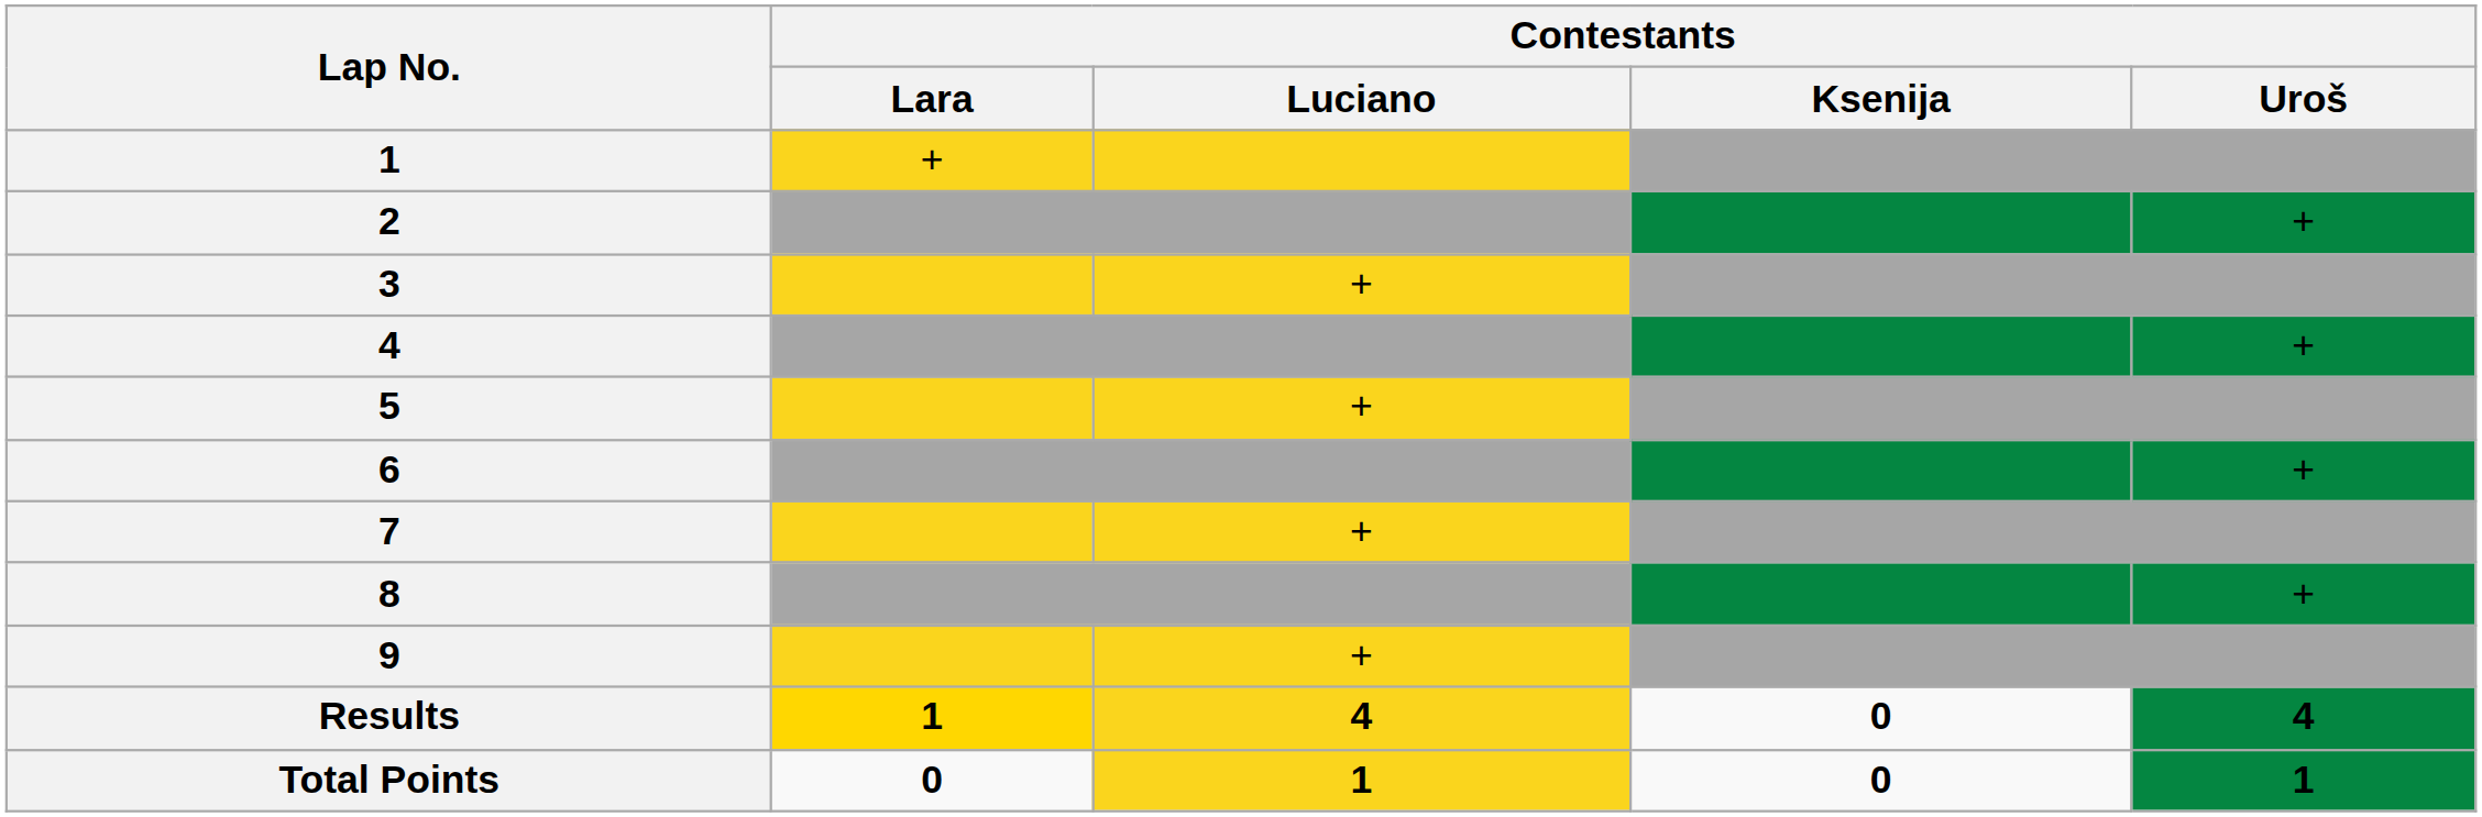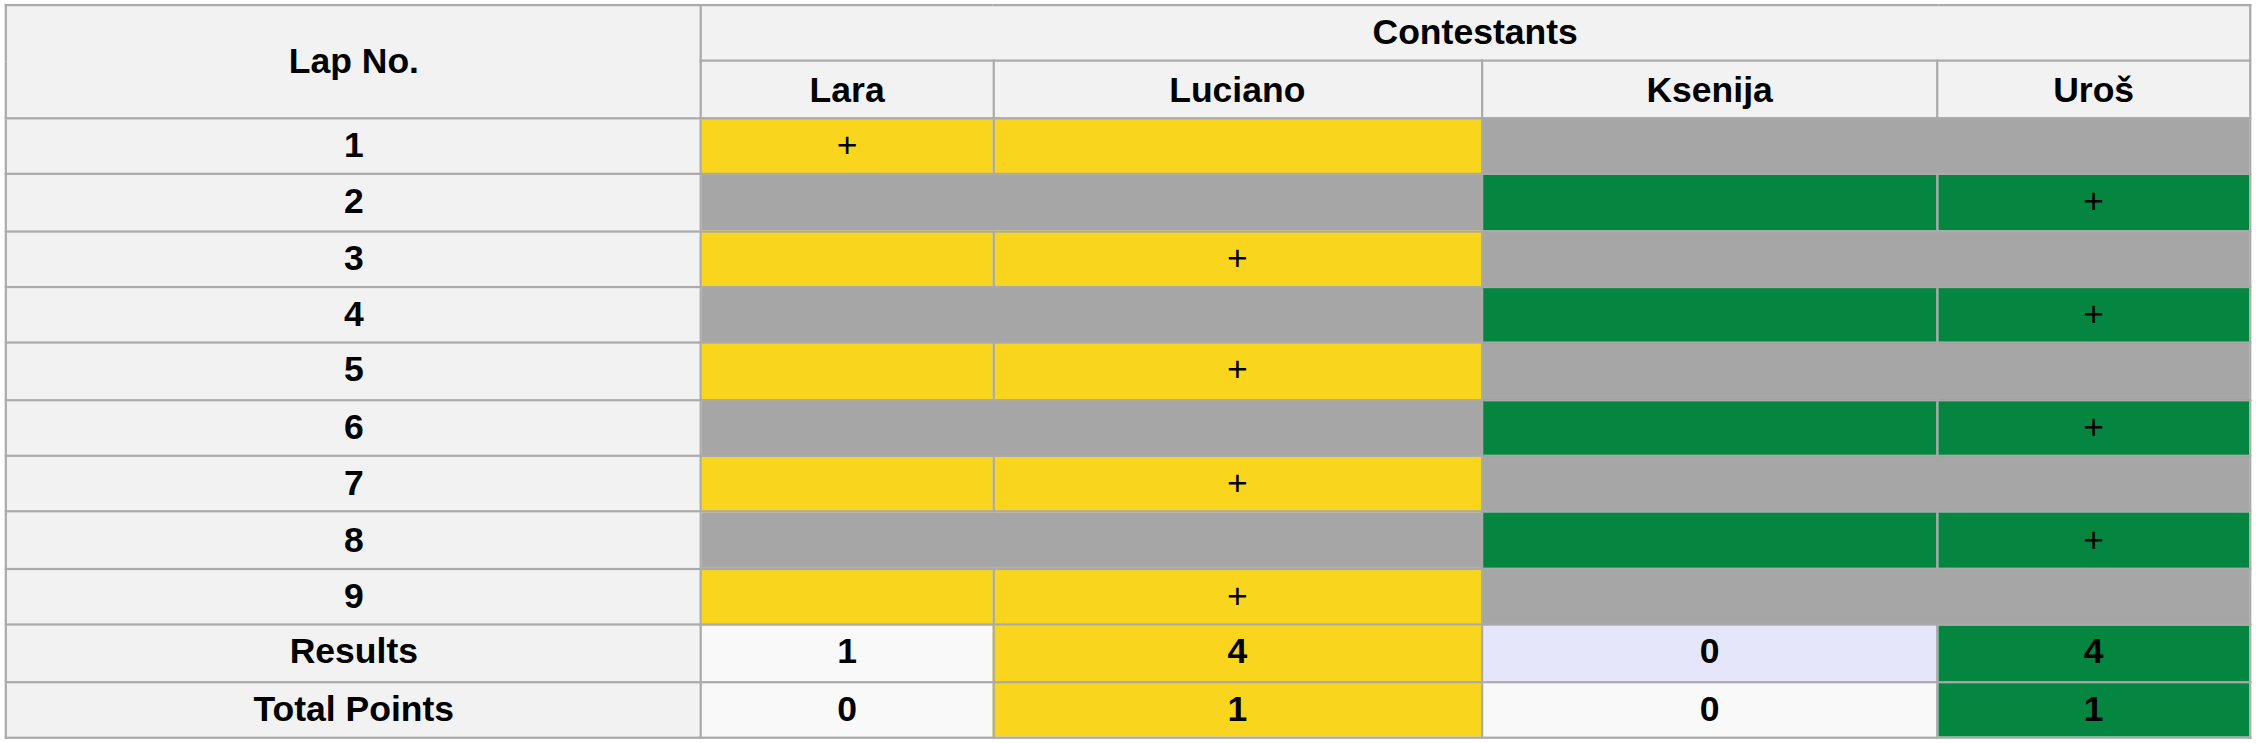 <table class="wikitable" style="margin:auto; text-align:center; width:80%">
 <tr>
 <th rowspan="2">Lap No.</th>
 <th colspan="4">Contestants</th>
 </tr>
 <tr>
 <th>Lara</th>
 <th>Luciano</th>
 <th>Ksenija</th>
 <th>Uroš</th>
 </tr>
 <tr>
 <th>1</th>
 <td align="center" bgcolor="#FAD51D">+</td>
 <td align="center" bgcolor="#FAD51D"></td>
 <td colspan="2" style="background-color: rgb(166, 166, 166) "></td>
 </tr>
 <tr>
 <th>2</th>
 <td colspan="2" style="background-color: rgb(166, 166, 166) "></td>
 <td align="center" bgcolor="#048641"><span></span></td>
 <td align="center" bgcolor="#048641"><span>+</span></td>
 </tr>
 <tr>
 <th>3</th>
 <td align="center" bgcolor="#FAD51D"></td>
 <td align="center" bgcolor="#FAD51D">+</td>
 <td colspan="2" style="background-color: rgb(166, 166, 166) "></td>
 </tr>
 <tr>
 <th>4</th>
 <td colspan="2" style="background-color: rgb(166, 166, 166) "></td>
 <td align="center" bgcolor="#048641"><span></span></td>
 <td align="center" bgcolor="#048641"><span>+</span></td>
 </tr>
 <tr>
 <th>5</th>
 <td align="center" bgcolor="#FAD51D"></td>
 <td align="center" bgcolor="#FAD51D">+</td>
 <td colspan="2" style="background-color: rgb(166, 166, 166) "></td>
 </tr>
 <tr>
 <th>6</th>
 <td colspan="2" style="background-color: rgb(166, 166, 166) "></td>
 <td align="center" bgcolor="#048641"><span></span></td>
 <td align="center" bgcolor="#048641"><span>+</span></td>
 </tr>
 <tr>
 <th>7</th>
 <td align="center" bgcolor="#FAD51D"></td>
 <td align="center" bgcolor="#FAD51D">+</td>
 <td colspan="2" style="background-color: rgb(166, 166, 166) "></td>
 </tr>
 <tr>
 <th>8</th>
 <td colspan="2" style="background-color: rgb(166, 166, 166) "></td>
 <td align="center" bgcolor="#048641"><span></span></td>
 <td align="center" bgcolor="#048641"><span>+</span></td>
 </tr>
 <tr>
 <th>9</th>
 <td align="center" bgcolor="#FAD51D"></td>
 <td align="center" bgcolor="#FAD51D">+</td>
 <td colspan="2" style="background-color: rgb(166, 166, 166) "></td>
 </tr>
 <tr>
 <th>Results</th>
-<td align="center" style="background: gold;"><strong>1</strong></td>
+<td align="center"><strong>1</strong></td>
 <td align="center" bgcolor="#FAD51D"><strong>4</strong></td>
-<td align="center"><strong>0</strong></td>
+<td align="center" style="background: lavender;"><strong>0</strong></td>
 <td align="center" bgcolor="#048641"><span><strong>4</strong></span></td>
 </tr>
 <tr>
 <th>Total Points</th>
 <td align="center"><strong>0</strong></td>
 <td align="center" bgcolor="#FAD51D"><strong>1</strong></td>
 <td align="center"><strong>0</strong></td>
 <td align="center" bgcolor="#048641"><span><strong>1</strong></span></td>
 </tr>
 </table>
